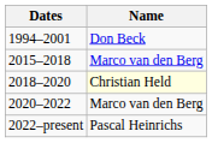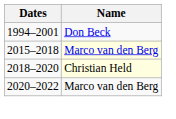 <table class="wikitable">
 <tr>
 <th>Dates</th>
 <th>Name</th>
 </tr>
 <tr>
 <td>1994–2001</td>
 <td> <a href='#'>Don Beck</a></td>
 </tr>
 <tr>
 <td>2015–2018</td>
-<td> <a href='#'>Marco van den Berg</a></td>
+<td style="background: lightyellow;"> <a href='#'>Marco van den Berg</a></td>
 </tr>
 <tr>
 <td>2018–2020</td>
 <td style="background: lightyellow;"> Christian Held</td>
 </tr>
 <tr>
 <td>2020–2022</td>
 <td> Marco van den Berg</td>
 </tr>
-<tr>
-<td>2022–present</td>
-<td> Pascal Heinrichs</td>
-</tr>
 </table>
